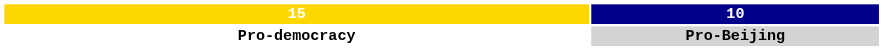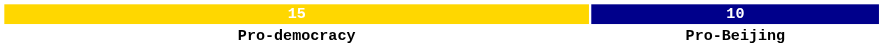 <table style="width:60%; text-align:center;">
 <tr style="color:white;">
 <td style="background:gold; width:67%;"><strong>15</strong></td>
 <td style="background:darkblue; width:33%;"><strong>10</strong></td>
 </tr>
 <tr>
 <td><span><strong>Pro-democracy</strong></span></td>
-<td style="background: lightgrey;"><span><strong>Pro-Beijing</strong></span></td>
+<td><span><strong>Pro-Beijing</strong></span></td>
 </tr>
 </table>
